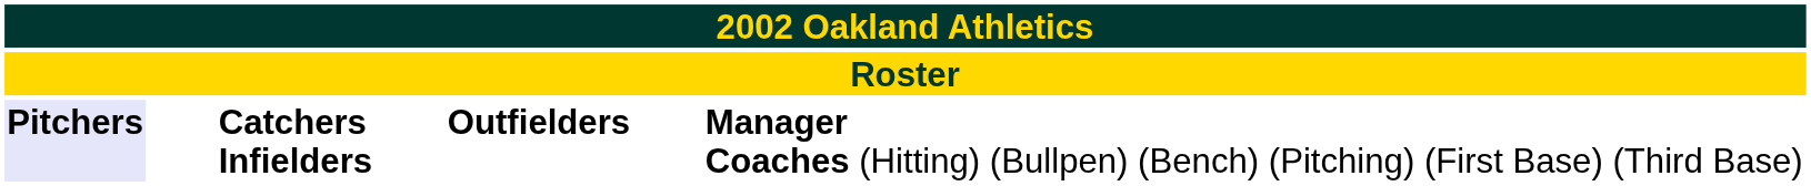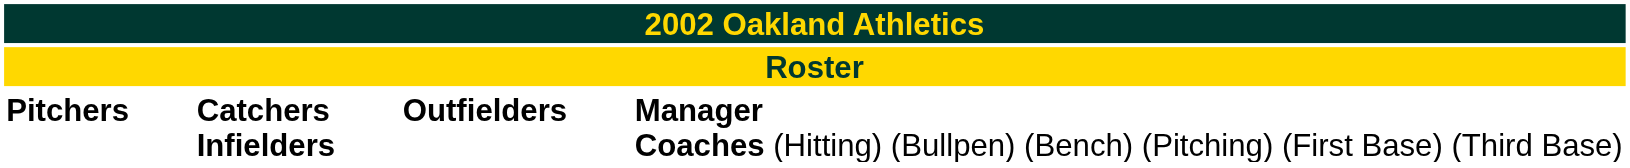 <table class="toccolours" style="font-size: 95%;">
 <tr>
 <th colspan="10" style="background-color: #003831; color: #FFD800; text-align: center;">2002 Oakland Athletics</th>
 </tr>
 <tr>
 <td colspan="10" style="background-color: #FFD800; color: #003831; text-align: center;"><strong>Roster</strong></td>
 </tr>
 <tr>
-<td valign="top" style="background: lavender;"><strong>Pitchers</strong><br>                </td>
+<td valign="top"><strong>Pitchers</strong><br>                </td>
 <td width="25px"></td>
 <td valign="top"><strong>Catchers</strong><br>   <strong>Infielders</strong>            </td>
 <td width="25px"></td>
 <td valign="top"><strong>Outfielders</strong><br>        </td>
 <td width="25px"></td>
 <td valign="top"><strong>Manager</strong><br> <strong>Coaches</strong>  (Hitting)  (Bullpen)  (Bench)  (Pitching)  (First Base)  (Third Base)</td>
 </tr>
 </table>
